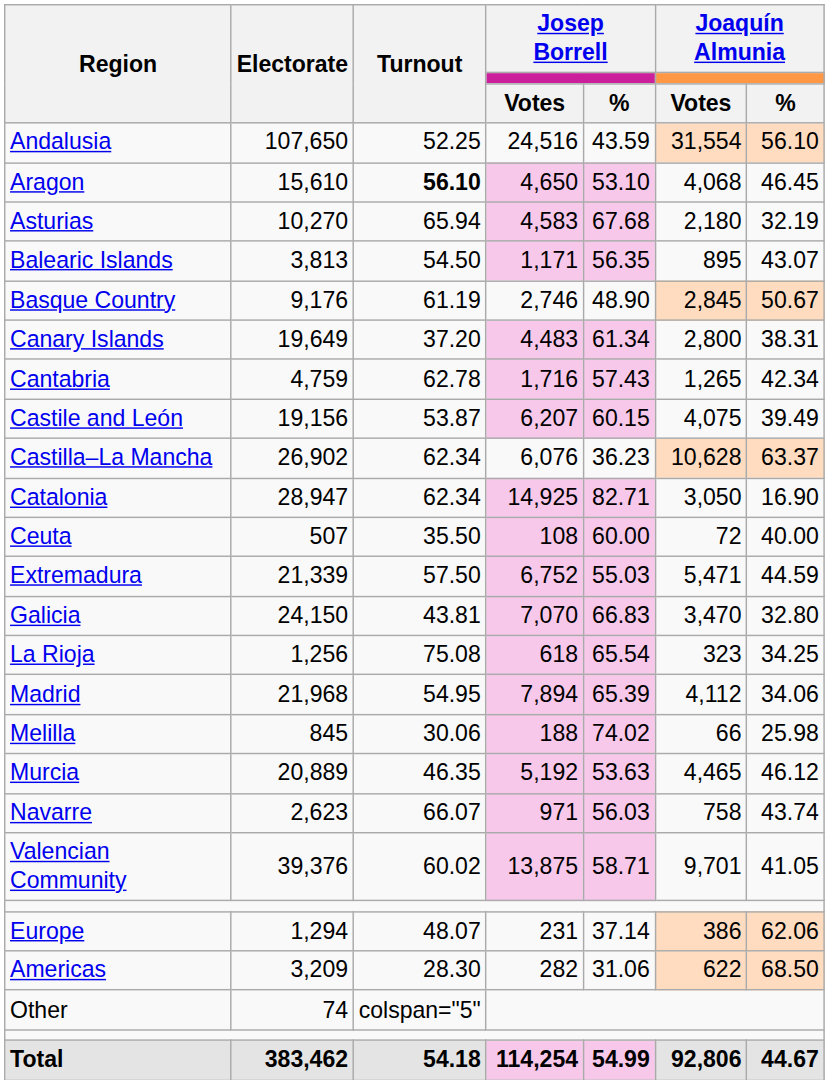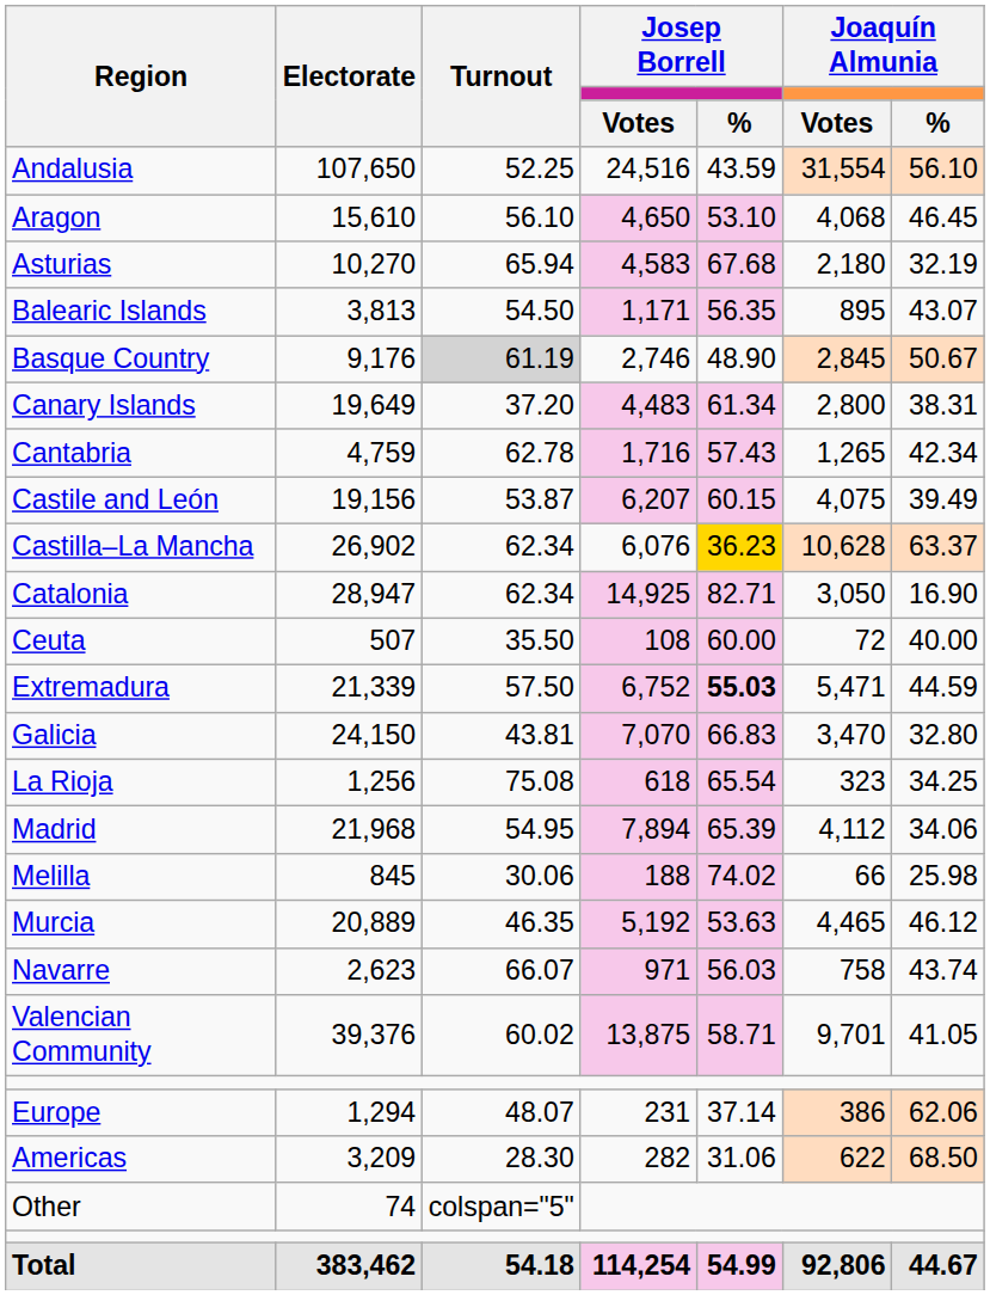 <table class="wikitable sortable" style="text-align:right; line-height:20px;">
 <tr>
 <th width="150" rowspan="3">Region</th>
 <th rowspan="3">Electorate</th>
 <th rowspan="3">Turnout</th>
 <th colspan="2" width="110" class="unsortable"><a href='#'>Josep<br>Borrell</a></th>
 <th colspan="2" width="110" class="unsortable"><a href='#'>Joaquín<br>Almunia</a></th>
 </tr>
 <tr>
 <th colspan="2" style="color:inherit;background:#CB1F9B;"></th>
 <th colspan="2" style="color:inherit;background:#FF9744;"></th>
 </tr>
 <tr>
 <th data-sort-type="number">Votes</th>
 <th data-sort-type="number">%</th>
 <th data-sort-type="number">Votes</th>
 <th data-sort-type="number">%</th>
 </tr>
 <tr>
 <td align="left"><a href='#'>Andalusia</a></td>
 <td>107,650</td>
 <td>52.25</td>
 <td>24,516</td>
 <td>43.59</td>
 <td style="color:inherit;background:#FFDCBF;">31,554</td>
 <td style="color:inherit;background:#FFDCBF;">56.10</td>
 </tr>
 <tr>
 <td align="left"><a href='#'>Aragon</a></td>
 <td>15,610</td>
-<td><strong>56.10</strong></td>
+<td>56.10</td>
 <td style="color:inherit;background:#F7C8EA;">4,650</td>
 <td style="color:inherit;background:#F7C8EA;">53.10</td>
 <td>4,068</td>
 <td>46.45</td>
 </tr>
 <tr>
 <td align="left"><a href='#'>Asturias</a></td>
 <td>10,270</td>
 <td>65.94</td>
 <td style="color:inherit;background:#F7C8EA;">4,583</td>
 <td style="color:inherit;background:#F7C8EA;">67.68</td>
 <td>2,180</td>
 <td>32.19</td>
 </tr>
 <tr>
 <td align="left"><a href='#'>Balearic Islands</a></td>
 <td>3,813</td>
 <td>54.50</td>
 <td style="color:inherit;background:#F7C8EA;">1,171</td>
 <td style="color:inherit;background:#F7C8EA;">56.35</td>
 <td>895</td>
 <td>43.07</td>
 </tr>
 <tr>
 <td align="left"><a href='#'>Basque Country</a></td>
 <td>9,176</td>
-<td>61.19</td>
+<td style="background: lightgrey;">61.19</td>
 <td>2,746</td>
 <td>48.90</td>
 <td style="color:inherit;background:#FFDCBF;">2,845</td>
 <td style="color:inherit;background:#FFDCBF;">50.67</td>
 </tr>
 <tr>
 <td align="left"><a href='#'>Canary Islands</a></td>
 <td>19,649</td>
 <td>37.20</td>
 <td style="color:inherit;background:#F7C8EA;">4,483</td>
 <td style="color:inherit;background:#F7C8EA;">61.34</td>
 <td>2,800</td>
 <td>38.31</td>
 </tr>
 <tr>
 <td align="left"><a href='#'>Cantabria</a></td>
 <td>4,759</td>
 <td>62.78</td>
 <td style="color:inherit;background:#F7C8EA;">1,716</td>
 <td style="color:inherit;background:#F7C8EA;">57.43</td>
 <td>1,265</td>
 <td>42.34</td>
 </tr>
 <tr>
 <td align="left"><a href='#'>Castile and León</a></td>
 <td>19,156</td>
 <td>53.87</td>
 <td style="color:inherit;background:#F7C8EA;">6,207</td>
 <td style="color:inherit;background:#F7C8EA;">60.15</td>
 <td>4,075</td>
 <td>39.49</td>
 </tr>
 <tr>
 <td align="left"><a href='#'>Castilla–La Mancha</a></td>
 <td>26,902</td>
 <td>62.34</td>
 <td>6,076</td>
-<td>36.23</td>
+<td style="background: gold;">36.23</td>
 <td style="color:inherit;background:#FFDCBF;">10,628</td>
 <td style="color:inherit;background:#FFDCBF;">63.37</td>
 </tr>
 <tr>
 <td align="left"><a href='#'>Catalonia</a></td>
 <td>28,947</td>
 <td>62.34</td>
 <td style="color:inherit;background:#F7C8EA;">14,925</td>
 <td style="color:inherit;background:#F7C8EA;">82.71</td>
 <td>3,050</td>
 <td>16.90</td>
 </tr>
 <tr>
 <td align="left"><a href='#'>Ceuta</a></td>
 <td>507</td>
 <td>35.50</td>
 <td style="color:inherit;background:#F7C8EA;">108</td>
 <td style="color:inherit;background:#F7C8EA;">60.00</td>
 <td>72</td>
 <td>40.00</td>
 </tr>
 <tr>
 <td align="left"><a href='#'>Extremadura</a></td>
 <td>21,339</td>
 <td>57.50</td>
 <td style="color:inherit;background:#F7C8EA;">6,752</td>
-<td style="color:inherit;background:#F7C8EA;">55.03</td>
+<td style="color:inherit;background:#F7C8EA;"><strong>55.03</strong></td>
 <td>5,471</td>
 <td>44.59</td>
 </tr>
 <tr>
 <td align="left"><a href='#'>Galicia</a></td>
 <td>24,150</td>
 <td>43.81</td>
 <td style="color:inherit;background:#F7C8EA;">7,070</td>
 <td style="color:inherit;background:#F7C8EA;">66.83</td>
 <td>3,470</td>
 <td>32.80</td>
 </tr>
 <tr>
 <td align="left"><a href='#'>La Rioja</a></td>
 <td>1,256</td>
 <td>75.08</td>
 <td style="color:inherit;background:#F7C8EA;">618</td>
 <td style="color:inherit;background:#F7C8EA;">65.54</td>
 <td>323</td>
 <td>34.25</td>
 </tr>
 <tr>
 <td align="left"><a href='#'>Madrid</a></td>
 <td>21,968</td>
 <td>54.95</td>
 <td style="color:inherit;background:#F7C8EA;">7,894</td>
 <td style="color:inherit;background:#F7C8EA;">65.39</td>
 <td>4,112</td>
 <td>34.06</td>
 </tr>
 <tr>
 <td align="left"><a href='#'>Melilla</a></td>
 <td>845</td>
 <td>30.06</td>
 <td style="color:inherit;background:#F7C8EA;">188</td>
 <td style="color:inherit;background:#F7C8EA;">74.02</td>
 <td>66</td>
 <td>25.98</td>
 </tr>
 <tr>
 <td align="left"><a href='#'>Murcia</a></td>
 <td>20,889</td>
 <td>46.35</td>
 <td style="color:inherit;background:#F7C8EA;">5,192</td>
 <td style="color:inherit;background:#F7C8EA;">53.63</td>
 <td>4,465</td>
 <td>46.12</td>
 </tr>
 <tr>
 <td align="left"><a href='#'>Navarre</a></td>
 <td>2,623</td>
 <td>66.07</td>
 <td style="color:inherit;background:#F7C8EA;">971</td>
 <td style="color:inherit;background:#F7C8EA;">56.03</td>
 <td>758</td>
 <td>43.74</td>
 </tr>
 <tr>
 <td align="left"><a href='#'>Valencian Community</a></td>
 <td>39,376</td>
 <td>60.02</td>
 <td style="color:inherit;background:#F7C8EA;">13,875</td>
 <td style="color:inherit;background:#F7C8EA;">58.71</td>
 <td>9,701</td>
 <td>41.05</td>
 </tr>
 <tr>
 <td colspan="7"></td>
 </tr>
 <tr>
 <td align="left"><a href='#'>Europe</a></td>
 <td>1,294</td>
 <td>48.07</td>
 <td>231</td>
 <td>37.14</td>
 <td style="color:inherit;background:#FFDCBF;">386</td>
 <td style="color:inherit;background:#FFDCBF;">62.06</td>
 </tr>
 <tr>
 <td align="left"><a href='#'>Americas</a></td>
 <td>3,209</td>
 <td>28.30</td>
 <td>282</td>
 <td>31.06</td>
 <td style="color:inherit;background:#FFDCBF;">622</td>
 <td style="color:inherit;background:#FFDCBF;">68.50</td>
 </tr>
 <tr>
 <td align="left">Other</td>
 <td>74</td>
 <td>colspan="5" </td>
 </tr>
 <tr>
 <td colspan="7"></td>
 </tr>
 <tr style="font-weight:bold; background:#E4E4E4;">
 <td align="left">Total</td>
 <td>383,462</td>
 <td>54.18</td>
 <td style="color:inherit;background:#F7C8EA;">114,254</td>
 <td style="color:inherit;background:#F7C8EA;">54.99</td>
 <td>92,806</td>
 <td>44.67</td>
 </tr>
 </table>
